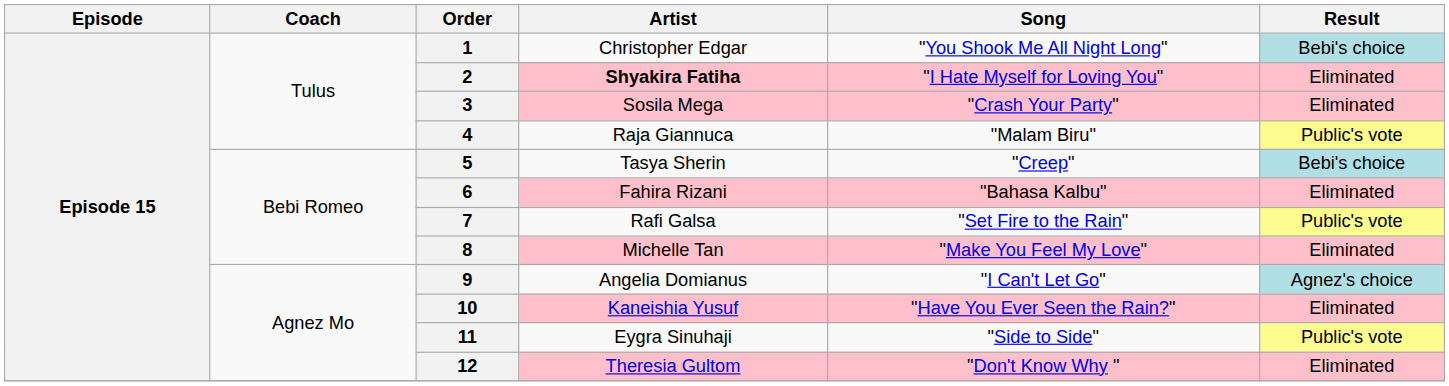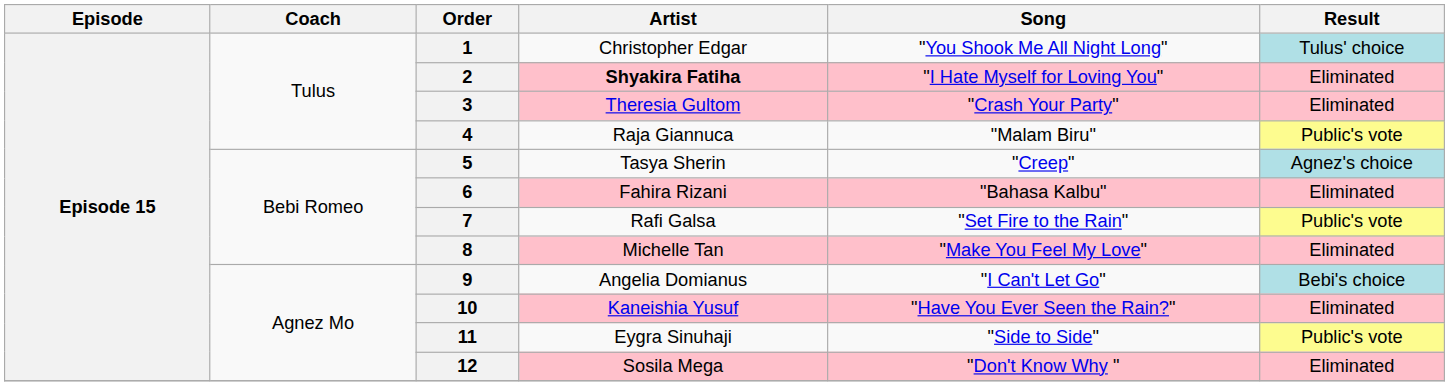 <table class="wikitable" style="text-align:center; width:100%;">
 <tr>
 <th style="width:10%;">Episode</th>
 <th style="width:10%;">Coach</th>
 <th style="width:05%;">Order</th>
 <th style="width:15%;">Artist</th>
 <th style="width:21%;">Song</th>
 <th style="width:9%;">Result</th>
 </tr>
 <tr>
 <th rowspan="12">Episode 15<br><small></small></th>
 <td rowspan=4>Tulus</td>
 <th>1</th>
 <td>Christopher Edgar</td>
 <td>"<a href='#'>You Shook Me All Night Long</a>"</td>
-<td style="background:#b0e0e6">Bebi's choice</td>
+<td style="background:#b0e0e6">Tulus' choice</td>
 </tr>
 <tr>
 <th>2</th>
 <td style="background:pink;"><strong>Shyakira Fatiha</strong></td>
 <td style="background:pink;">"<a href='#'>I Hate Myself for Loving You</a>"</td>
 <td style="background:pink;">Eliminated</td>
 </tr>
 <tr>
 <th>3</th>
-<td style="background:pink;">Sosila Mega</td>
+<td style="background:pink;"><a href='#'>Theresia Gultom</a></td>
 <td style="background:pink;">"<a href='#'>Crash Your Party</a>"</td>
 <td style="background:pink;">Eliminated</td>
 </tr>
 <tr>
 <th>4</th>
 <td>Raja Giannuca</td>
 <td>"Malam Biru"</td>
 <td style="background:#fdfc8f;">Public's vote</td>
 </tr>
 <tr>
 <td rowspan=4>Bebi Romeo</td>
 <th>5</th>
 <td>Tasya Sherin</td>
 <td>"<a href='#'>Creep</a>"</td>
-<td style="background:#b0e0e6">Bebi's choice</td>
+<td style="background:#b0e0e6">Agnez's choice</td>
 </tr>
 <tr>
 <th>6</th>
 <td style="background:pink;">Fahira Rizani</td>
 <td style="background:pink;">"Bahasa Kalbu"</td>
 <td style="background:pink;">Eliminated</td>
 </tr>
 <tr>
 <th>7</th>
 <td>Rafi Galsa</td>
 <td>"<a href='#'>Set Fire to the Rain</a>"</td>
 <td style="background:#fdfc8f;">Public's vote</td>
 </tr>
 <tr>
 <th>8</th>
 <td style="background:pink;">Michelle Tan</td>
 <td style="background:pink;">"<a href='#'>Make You Feel My Love</a>"</td>
 <td style="background:pink;">Eliminated</td>
 </tr>
 <tr>
 <td rowspan=4>Agnez Mo</td>
 <th>9</th>
 <td>Angelia Domianus</td>
 <td>"<a href='#'>I Can't Let Go</a>"</td>
-<td style="background:#b0e0e6">Agnez's choice</td>
+<td style="background:#b0e0e6">Bebi's choice</td>
 </tr>
 <tr>
 <th>10</th>
 <td style="background:pink;"><a href='#'>Kaneishia Yusuf</a></td>
 <td style="background:pink;">"<a href='#'>Have You Ever Seen the Rain?</a>"</td>
 <td style="background:pink;">Eliminated</td>
 </tr>
 <tr>
 <th>11</th>
 <td>Eygra Sinuhaji</td>
 <td>"<a href='#'>Side to Side</a>"</td>
 <td style="background:#fdfc8f;">Public's vote</td>
 </tr>
 <tr>
 <th>12</th>
-<td style="background:pink;"><a href='#'>Theresia Gultom</a></td>
+<td style="background:pink;">Sosila Mega</td>
 <td style="background:pink;">"<a href='#'>Don't Know Why</a> "</td>
 <td style="background:pink;">Eliminated</td>
 </tr>
 <tr>
 </tr>
 </table>
